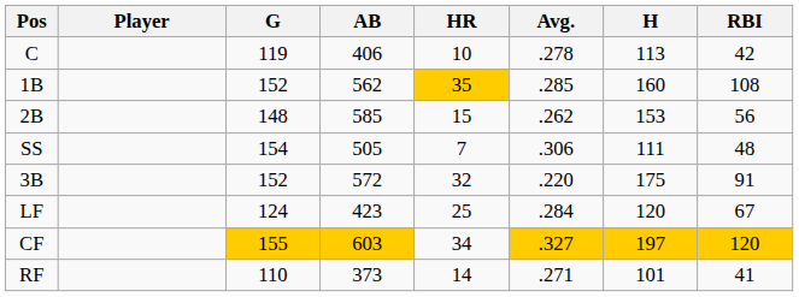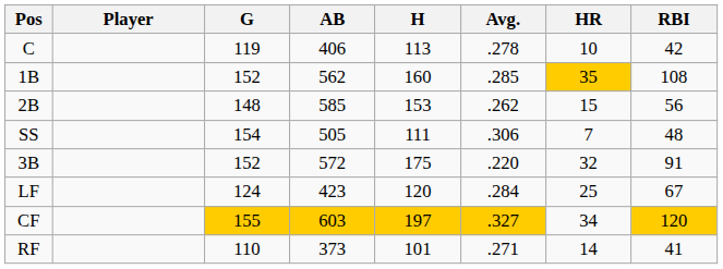 <table class="wikitable sortable">
 <tr>
 <th bgcolor="#DDDDFF" width="5%">Pos</th>
 <th bgcolor="#DDDDFF" width="16%">Player</th>
 <th bgcolor="#DDDDFF" width="9%">G</th>
 <th bgcolor="#DDDDFF" width="9%">AB</th>
+<th bgcolor="#DDDDFF" width="9%">H</th>
+<th bgcolor="#DDDDFF" width="9%">Avg.</th>
 <th bgcolor="#DDDDFF" width="9%">HR</th>
-<th bgcolor="#DDDDFF" width="9%">Avg.</th>
-<th bgcolor="#DDDDFF" width="9%">H</th>
 <th bgcolor="#DDDDFF" width="9%">RBI</th>
 </tr>
 <tr align="center">
 <td>C</td>
 <td></td>
 <td>119</td>
 <td>406</td>
+<td>113</td>
+<td>.278</td>
 <td>10</td>
-<td>.278</td>
-<td>113</td>
 <td>42</td>
 </tr>
 <tr align="center">
 <td>1B</td>
 <td></td>
 <td>152</td>
 <td>562</td>
+<td>160</td>
+<td>.285</td>
 <td style="background:#fc0;">35</td>
-<td>.285</td>
-<td>160</td>
 <td>108</td>
 </tr>
 <tr align="center">
 <td>2B</td>
 <td></td>
 <td>148</td>
 <td>585</td>
+<td>153</td>
+<td>.262</td>
 <td>15</td>
-<td>.262</td>
-<td>153</td>
 <td>56</td>
 </tr>
 <tr align="center">
 <td>SS</td>
 <td></td>
 <td>154</td>
 <td>505</td>
+<td>111</td>
+<td>.306</td>
 <td>7</td>
-<td>.306</td>
-<td>111</td>
 <td>48</td>
 </tr>
 <tr align="center">
 <td>3B</td>
 <td></td>
 <td>152</td>
 <td>572</td>
+<td>175</td>
+<td>.220</td>
 <td>32</td>
-<td>.220</td>
-<td>175</td>
 <td>91</td>
 </tr>
 <tr align="center">
 <td>LF</td>
 <td></td>
 <td>124</td>
 <td>423</td>
+<td>120</td>
+<td>.284</td>
 <td>25</td>
-<td>.284</td>
-<td>120</td>
 <td>67</td>
 </tr>
 <tr align="center">
 <td>CF</td>
 <td></td>
 <td style="background:#fc0;">155</td>
 <td style="background:#fc0;">603</td>
+<td style="background:#fc0;">197</td>
+<td style="background:#fc0;">.327</td>
 <td>34</td>
-<td style="background:#fc0;">.327</td>
-<td style="background:#fc0;">197</td>
 <td style="background:#fc0;">120</td>
 </tr>
 <tr align="center">
 <td>RF</td>
 <td></td>
 <td>110</td>
 <td>373</td>
+<td>101</td>
+<td>.271</td>
 <td>14</td>
-<td>.271</td>
-<td>101</td>
 <td>41</td>
 </tr>
 </table>
